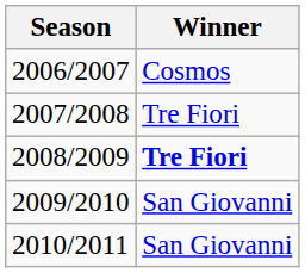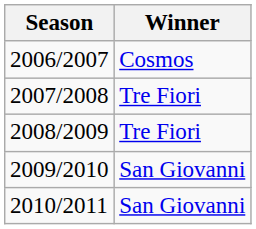 <table class="wikitable sortable">
 <tr>
 <th>Season</th>
 <th>Winner</th>
 </tr>
 <tr>
 <td>2006/2007</td>
 <td><a href='#'>Cosmos</a></td>
 </tr>
 <tr>
 <td>2007/2008</td>
 <td><a href='#'>Tre Fiori</a></td>
 </tr>
 <tr>
 <td>2008/2009</td>
-<td><strong><a href='#'>Tre Fiori</a></strong></td>
+<td><a href='#'>Tre Fiori</a></td>
 </tr>
 <tr>
 <td>2009/2010</td>
 <td><a href='#'>San Giovanni</a></td>
 </tr>
 <tr>
 <td>2010/2011</td>
 <td><a href='#'>San Giovanni</a></td>
 </tr>
 </table>
